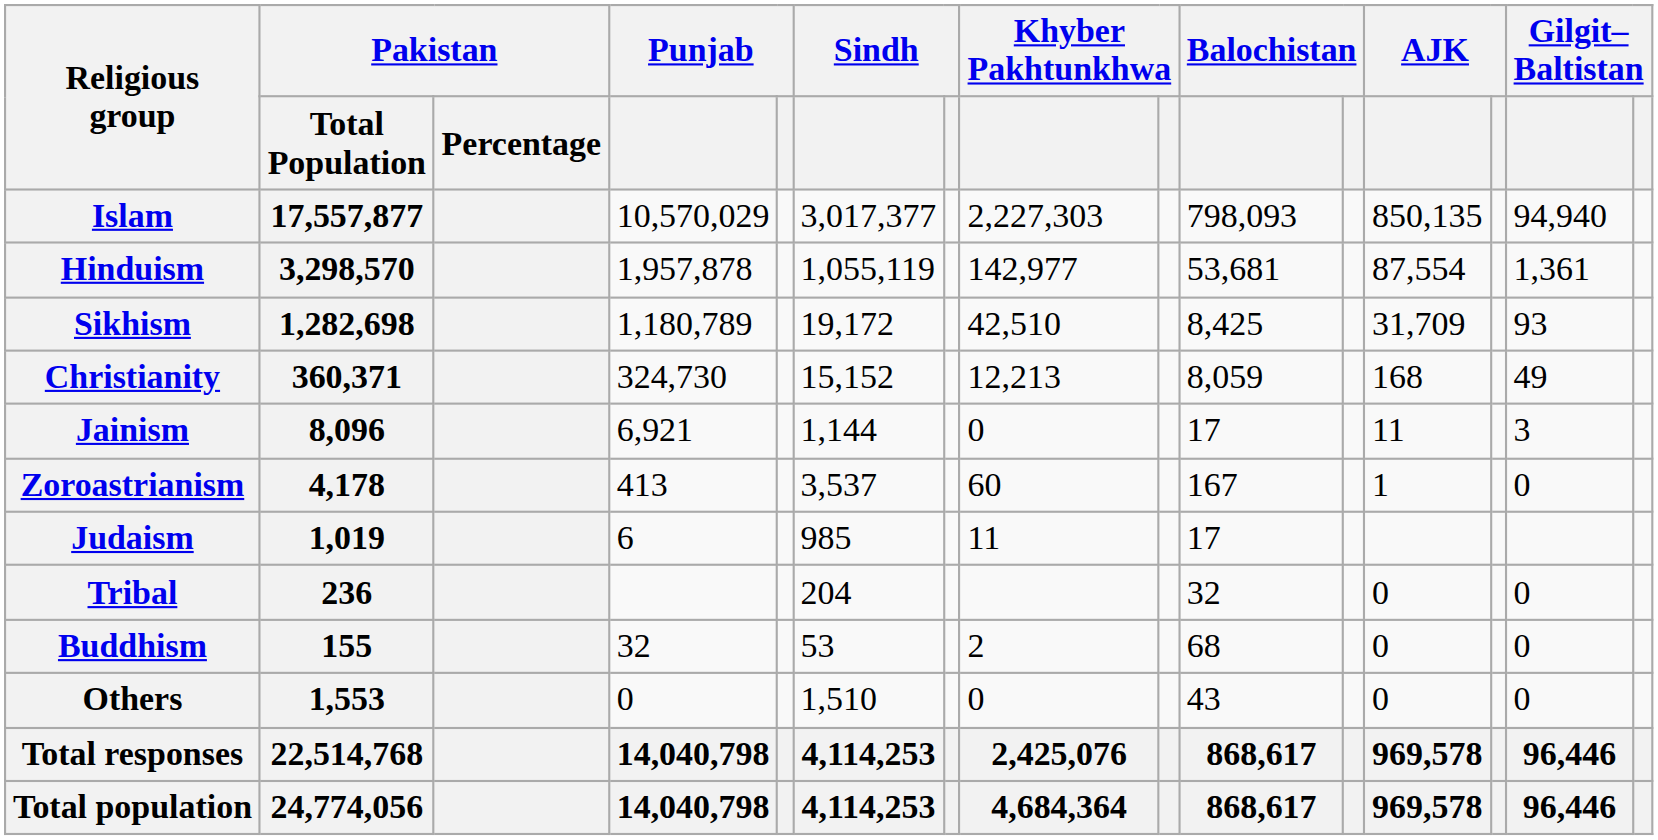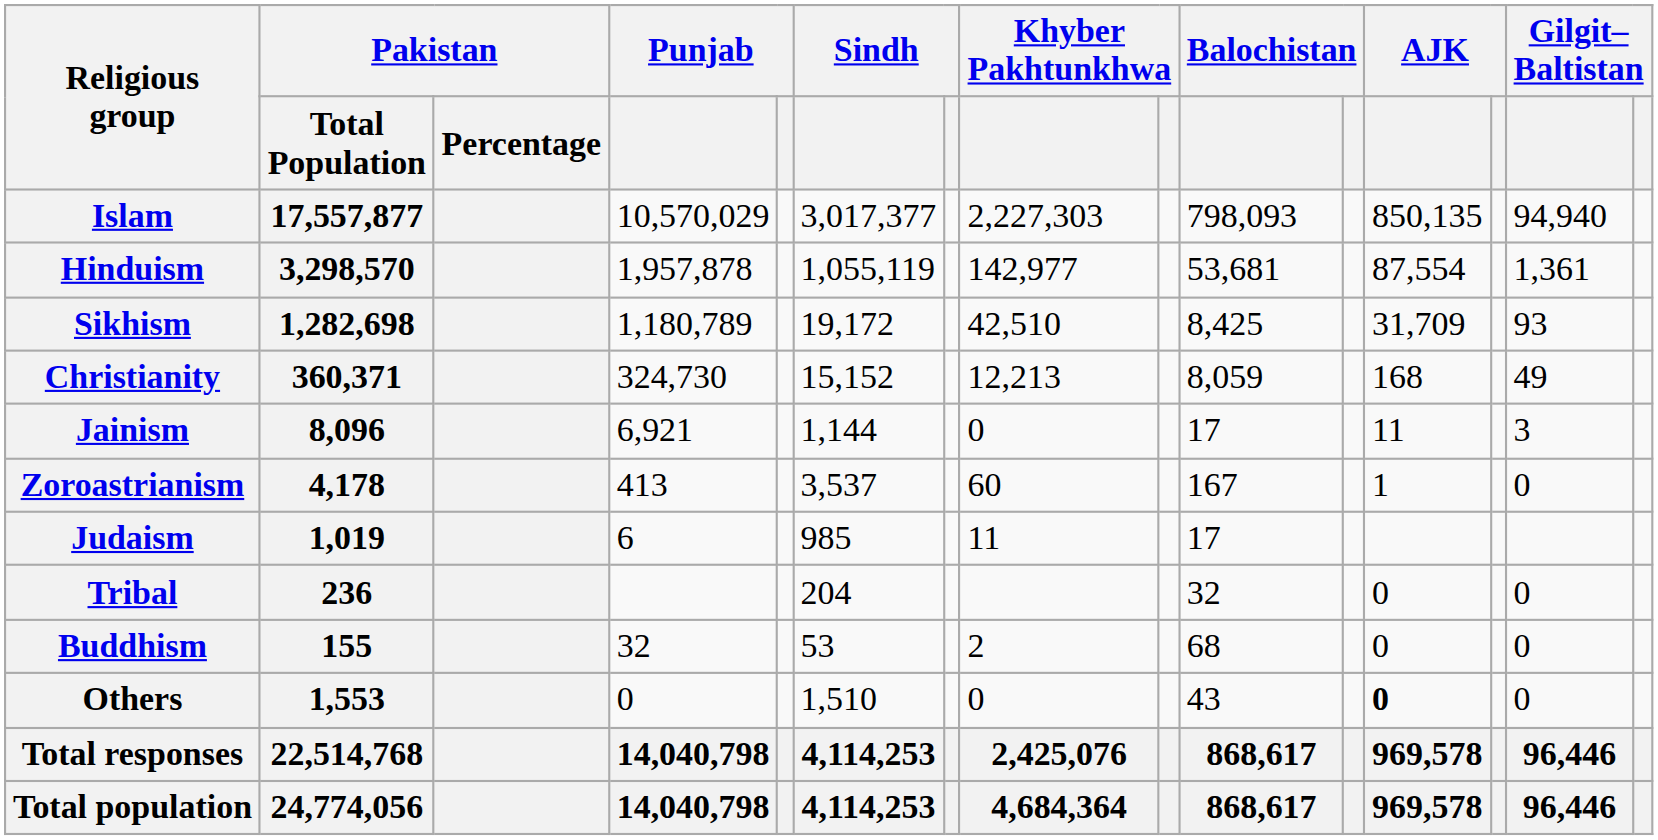 <table class="wikitable sortable">
 <tr>
 <th rowspan="2">Religious<br>group</th>
 <th colspan="2"><a href='#'>Pakistan</a></th>
 <th colspan="2"><a href='#'>Punjab</a></th>
 <th colspan="2"><a href='#'>Sindh</a></th>
 <th colspan="2"><a href='#'>Khyber<br>Pakhtunkhwa</a></th>
 <th colspan="2"><a href='#'>Balochistan</a></th>
 <th colspan="2"><a href='#'>AJK</a></th>
 <th colspan="2"><a href='#'>Gilgit–<br>Baltistan</a></th>
 </tr>
 <tr>
 <th>Total<br>Population</th>
 <th>Percentage</th>
 <th><a href='#'></a></th>
 <th></th>
 <th></th>
 <th></th>
 <th></th>
 <th></th>
 <th></th>
 <th></th>
 <th></th>
 <th></th>
 <th></th>
 <th></th>
 </tr>
 <tr>
 <th><a href='#'>Islam</a> </th>
 <th>17,557,877</th>
 <th></th>
 <td>10,570,029</td>
 <td></td>
 <td>3,017,377</td>
 <td></td>
 <td>2,227,303</td>
 <td></td>
 <td>798,093</td>
 <td></td>
 <td>850,135</td>
 <td></td>
 <td>94,940</td>
 <td></td>
 </tr>
 <tr>
 <th><a href='#'>Hinduism</a> </th>
 <th>3,298,570</th>
 <th></th>
 <td>1,957,878</td>
 <td></td>
 <td>1,055,119</td>
 <td></td>
 <td>142,977</td>
 <td></td>
 <td>53,681</td>
 <td></td>
 <td>87,554</td>
 <td></td>
 <td>1,361</td>
 <td></td>
 </tr>
 <tr>
 <th><a href='#'>Sikhism</a> </th>
 <th>1,282,698</th>
 <th></th>
 <td>1,180,789</td>
 <td></td>
 <td>19,172</td>
 <td></td>
 <td>42,510</td>
 <td></td>
 <td>8,425</td>
 <td></td>
 <td>31,709</td>
 <td></td>
 <td>93</td>
 <td></td>
 </tr>
 <tr>
 <th><a href='#'>Christianity</a> </th>
 <th>360,371</th>
 <th></th>
 <td>324,730</td>
 <td></td>
 <td>15,152</td>
 <td></td>
 <td>12,213</td>
 <td></td>
 <td>8,059</td>
 <td></td>
 <td>168</td>
 <td></td>
 <td>49</td>
 <td></td>
 </tr>
 <tr>
 <th><a href='#'>Jainism</a> </th>
 <th>8,096</th>
 <th></th>
 <td>6,921</td>
 <td></td>
 <td>1,144</td>
 <td></td>
 <td>0</td>
 <td></td>
 <td>17</td>
 <td></td>
 <td>11</td>
 <td></td>
 <td>3</td>
 <td></td>
 </tr>
 <tr>
 <th><a href='#'>Zoroastrianism</a> </th>
 <th>4,178</th>
 <th></th>
 <td>413</td>
 <td></td>
 <td>3,537</td>
 <td></td>
 <td>60</td>
 <td></td>
 <td>167</td>
 <td></td>
 <td>1</td>
 <td></td>
 <td>0</td>
 <td></td>
 </tr>
 <tr>
 <th><a href='#'>Judaism</a> </th>
 <th>1,019</th>
 <th></th>
 <td>6</td>
 <td></td>
 <td>985</td>
 <td></td>
 <td>11</td>
 <td></td>
 <td>17</td>
 <td></td>
 <td></td>
 <td></td>
 <td></td>
 <td></td>
 </tr>
 <tr>
 <th><a href='#'>Tribal</a></th>
 <th>236</th>
 <th></th>
 <td></td>
 <td></td>
 <td>204</td>
 <td></td>
 <td></td>
 <td></td>
 <td>32</td>
 <td></td>
 <td>0</td>
 <td></td>
 <td>0</td>
 <td></td>
 </tr>
 <tr>
 <th><a href='#'>Buddhism</a> </th>
 <th>155</th>
 <th></th>
 <td>32</td>
 <td></td>
 <td>53</td>
 <td></td>
 <td>2</td>
 <td></td>
 <td>68</td>
 <td></td>
 <td>0</td>
 <td></td>
 <td>0</td>
 <td></td>
 </tr>
 <tr>
 <th>Others</th>
 <th>1,553</th>
 <th></th>
 <td>0</td>
 <td></td>
 <td>1,510</td>
 <td></td>
 <td>0</td>
 <td></td>
 <td>43</td>
 <td></td>
-<td>0</td>
+<td><strong>0</strong></td>
 <td></td>
 <td>0</td>
 <td></td>
 </tr>
 <tr>
 <th>Total responses</th>
 <th>22,514,768</th>
 <th></th>
 <th>14,040,798</th>
 <th></th>
 <th>4,114,253</th>
 <th></th>
 <th>2,425,076</th>
 <th></th>
 <th>868,617</th>
 <th></th>
 <th>969,578</th>
 <th></th>
 <th>96,446</th>
 <th></th>
 </tr>
 <tr>
 <th>Total population</th>
 <th>24,774,056</th>
 <th></th>
 <th>14,040,798</th>
 <th></th>
 <th>4,114,253</th>
 <th></th>
 <th>4,684,364</th>
 <th></th>
 <th>868,617</th>
 <th></th>
 <th>969,578</th>
 <th></th>
 <th>96,446</th>
 <th></th>
 </tr>
 </table>
